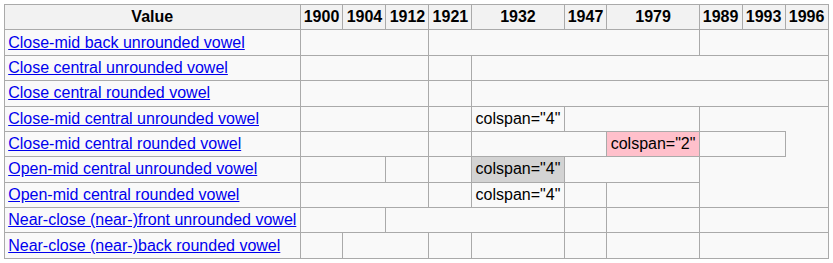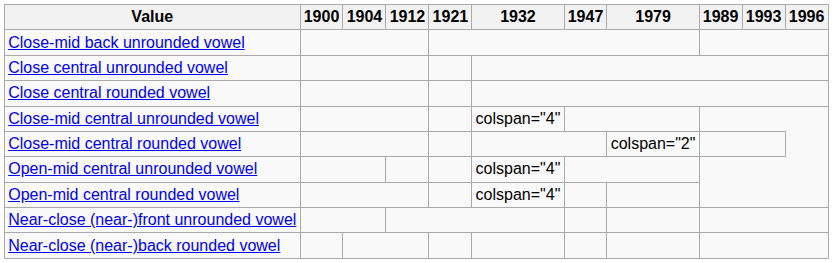 <table class="wikitable" style="text-align: center;">
 <tr>
 <th>Value</th>
 <th>1900</th>
 <th>1904</th>
 <th>1912</th>
 <th>1921</th>
 <th>1932</th>
 <th>1947</th>
 <th>1979</th>
 <th>1989</th>
 <th>1993</th>
 <th>1996</th>
 </tr>
 <tr>
 <td style="text-align: left;"><a href='#'>Close-mid back unrounded vowel</a></td>
 <td colspan="3"></td>
 <td colspan="4"></td>
 <td colspan="3"></td>
 </tr>
 <tr>
 <td style="text-align: left;"><a href='#'>Close central unrounded vowel</a></td>
 <td colspan="3"></td>
 <td></td>
 <td colspan="6"></td>
 </tr>
 <tr>
 <td style="text-align: left;"><a href='#'>Close central rounded vowel</a></td>
 <td colspan="3"></td>
 <td></td>
 <td colspan="6"></td>
 </tr>
 <tr>
 <td style="text-align: left;"><a href='#'>Close-mid central unrounded vowel</a></td>
 <td colspan="3"></td>
 <td></td>
 <td>colspan="4" </td>
 <td colspan="2"></td>
 </tr>
 <tr>
 <td style="text-align: left;"><a href='#'>Close-mid central rounded vowel</a></td>
 <td colspan="3"></td>
 <td></td>
 <td colspan="2"></td>
-<td style="background: pink;">colspan="2" </td>
+<td>colspan="2" </td>
 <td colspan="2"></td>
 </tr>
 <tr>
 <td style="text-align: left;"><a href='#'>Open-mid central unrounded vowel</a></td>
 <td colspan="2"></td>
 <td></td>
 <td></td>
-<td style="background: lightgrey;">colspan="4" </td>
+<td>colspan="4" </td>
 <td colspan="2"></td>
 </tr>
 <tr>
 <td style="text-align: left;"><a href='#'>Open-mid central rounded vowel</a></td>
 <td colspan="3"></td>
 <td></td>
 <td>colspan="4" </td>
 <td></td>
 <td></td>
 </tr>
 <tr>
 <td style="text-align: left;"><a href='#'>Near-close (near-)front unrounded vowel</a></td>
 <td colspan="2"></td>
 <td colspan="3"></td>
 <td></td>
 <td></td>
 <td colspan="3"></td>
 </tr>
 <tr>
 <td style="text-align: left;"><a href='#'>Near-close (near-)back rounded vowel</a></td>
 <td></td>
 <td colspan="2"></td>
 <td></td>
 <td></td>
 <td></td>
 <td></td>
 <td colspan="3"></td>
 </tr>
 </table>
